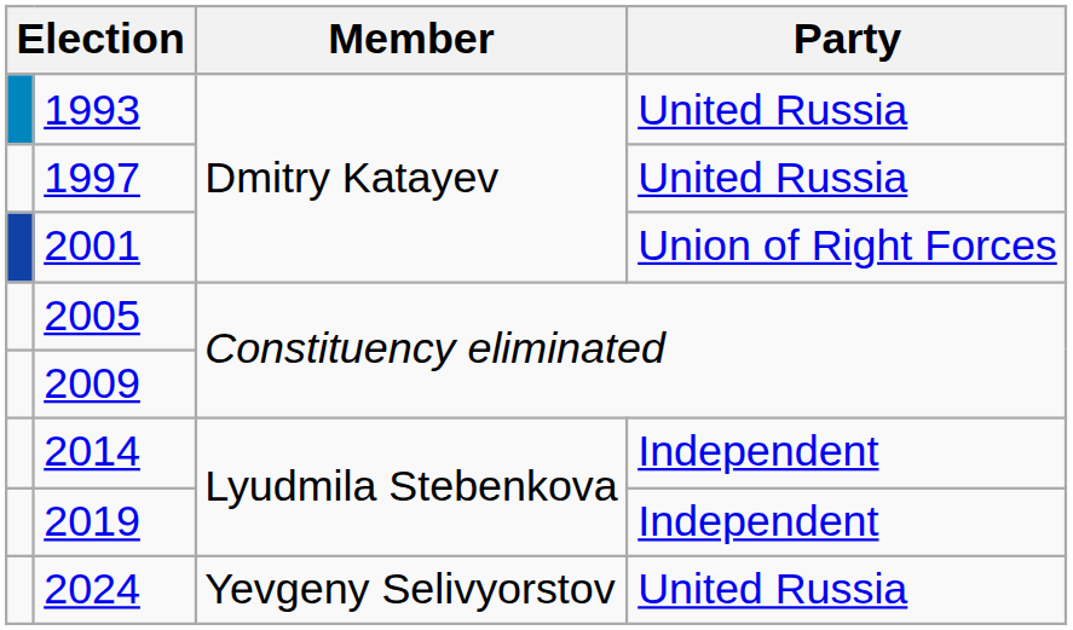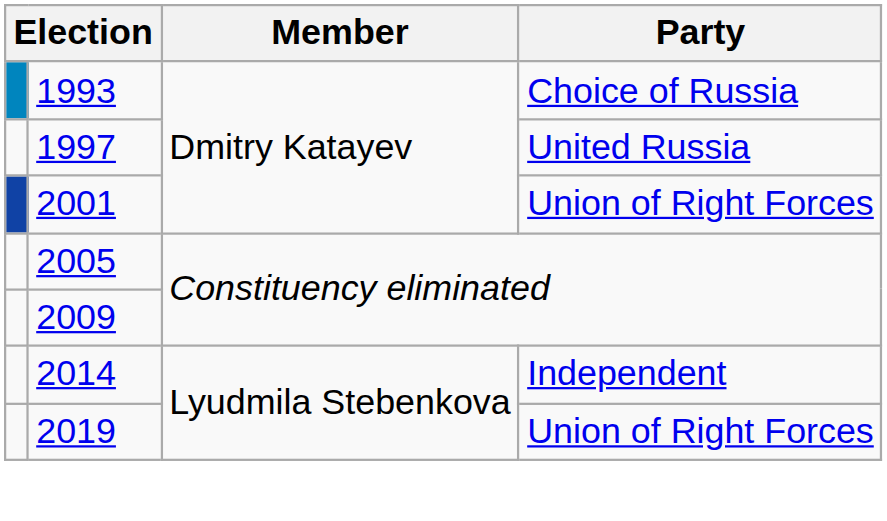 <table class="wikitable">
 <tr>
 <th colspan="2">Election</th>
 <th>Member</th>
 <th>Party</th>
 </tr>
 <tr>
 <td style="background-color:#0085BE"></td>
 <td><a href='#'>1993</a></td>
 <td rowspan=3>Dmitry Katayev</td>
-<td><a href='#'>United Russia</a></td>
+<td><a href='#'>Choice of Russia</a></td>
 </tr>
 <tr>
 <td style="background-color:"></td>
 <td><a href='#'>1997</a></td>
 <td><a href='#'>United Russia</a></td>
 </tr>
 <tr>
 <td style="background-color:#1042A5"></td>
 <td><a href='#'>2001</a></td>
 <td><a href='#'>Union of Right Forces</a></td>
 </tr>
 <tr>
 <td style="background-color:"></td>
 <td><a href='#'>2005</a></td>
 <td colspan=2 rowspan=2><em>Constituency eliminated</em></td>
 </tr>
 <tr>
 <td style="background-color:"></td>
 <td><a href='#'>2009</a></td>
 </tr>
 <tr>
 <td style="background-color:"></td>
 <td><a href='#'>2014</a></td>
 <td rowspan=2>Lyudmila Stebenkova</td>
 <td><a href='#'>Independent</a></td>
 </tr>
 <tr>
 <td style="background-color:"></td>
 <td><a href='#'>2019</a></td>
-<td><a href='#'>Independent</a></td>
-</tr>
-<tr>
-<td style="background-color:"></td>
-<td><a href='#'>2024</a></td>
-<td>Yevgeny Selivyorstov</td>
-<td><a href='#'>United Russia</a></td>
+<td><a href='#'>Union of Right Forces</a></td>
 </tr>
 </table>
